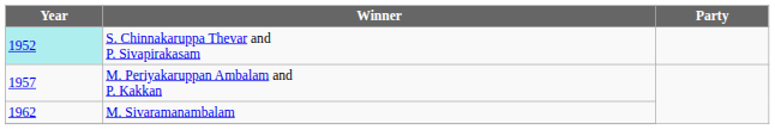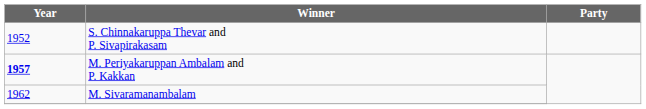 <table class="wikitable" width="70%">
 <tr>
 <th style="background-color:#666666; color:white">Year</th>
 <th style="background-color:#666666; color:white">Winner</th>
 <th style="background-color:#666666; color:white" colspan="2">Party</th>
 </tr>
 <tr>
-<td style="background: paleturquoise;"><a href='#'>1952</a></td>
+<td><a href='#'>1952</a></td>
 <td><a href='#'>S. Chinnakaruppa Thevar</a> and <br><a href='#'>P. Sivapirakasam</a></td>
 <td></td>
 </tr>
 <tr>
-<td><a href='#'>1957</a></td>
+<td><strong><a href='#'>1957</a></strong></td>
 <td><a href='#'>M. Periyakaruppan Ambalam</a> and <br><a href='#'>P. Kakkan</a></td>
 </tr>
 <tr>
 <td><a href='#'>1962</a></td>
 <td><a href='#'>M. Sivaramanambalam</a></td>
 </tr>
 <tr>
 </tr>
 </table>
